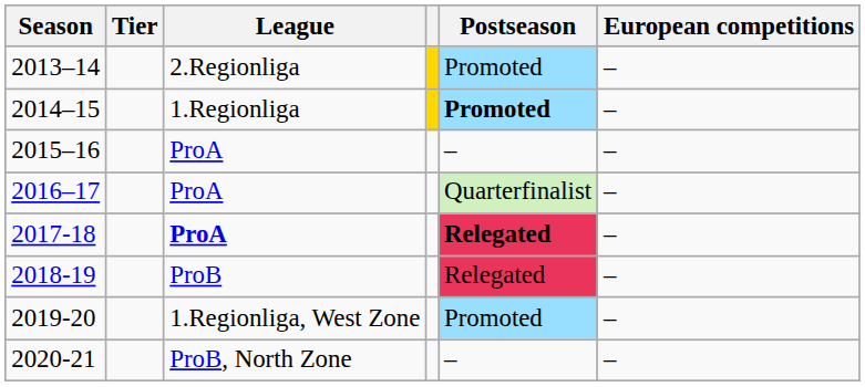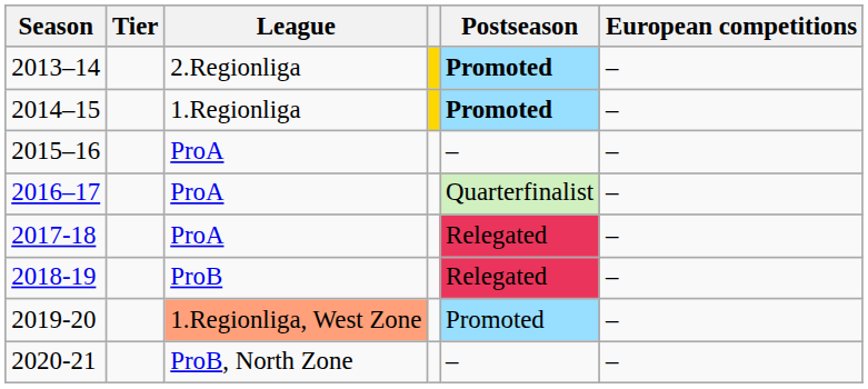 <table class="wikitable" style="font-size:85%">
 <tr>
 <th>Season</th>
 <th>Tier</th>
 <th>League</th>
 <th></th>
 <th>Postseason</th>
 <th colspan=2>European competitions</th>
 </tr>
 <tr>
 <td>2013–14</td>
 <td></td>
 <td>2.Regionliga</td>
 <td bgcolor=gold></td>
-<td style="background:#97DEFF">Promoted</td>
+<td style="background:#97DEFF"><strong>Promoted</strong></td>
 <td colspan=2>–</td>
 </tr>
 <tr>
 <td>2014–15</td>
 <td></td>
 <td>1.Regionliga</td>
 <td bgcolor=gold></td>
 <td style="background:#97DEFF"><strong>Promoted</strong></td>
 <td colspan=2>–</td>
 </tr>
 <tr>
 <td>2015–16</td>
 <td></td>
 <td><a href='#'>ProA</a></td>
 <td></td>
 <td>–</td>
 <td colspan=2>–</td>
 </tr>
 <tr>
 <td><a href='#'>2016–17</a></td>
 <td></td>
 <td><a href='#'>ProA</a></td>
 <td></td>
 <td style="background:#D0F0C0">Quarterfinalist</td>
 <td colspan=2>–</td>
 </tr>
 <tr>
 <td><a href='#'>2017-18</a></td>
 <td></td>
-<td><strong><a href='#'>ProA</a></strong></td>
+<td><a href='#'>ProA</a></td>
 <td></td>
-<td style="background:#eb345b"><strong>Relegated</strong></td>
+<td style="background:#eb345b">Relegated</td>
 <td colspan=2>–</td>
 </tr>
 <tr>
 <td><a href='#'>2018-19</a></td>
 <td></td>
 <td><a href='#'>ProB</a></td>
 <td></td>
 <td style="background:#eb345b">Relegated</td>
 <td colspan=2>–</td>
 </tr>
 <tr>
 <td>2019-20</td>
 <td></td>
-<td>1.Regionliga, West Zone</td>
+<td style="background: lightsalmon;">1.Regionliga, West Zone</td>
 <td></td>
 <td style="background:#97DEFF">Promoted</td>
 <td colspan=2>–</td>
 </tr>
 <tr>
 <td>2020-21</td>
 <td></td>
 <td><a href='#'>ProB</a>, North Zone</td>
 <td></td>
 <td>–</td>
 <td colspan=2>–</td>
 </tr>
 </table>
